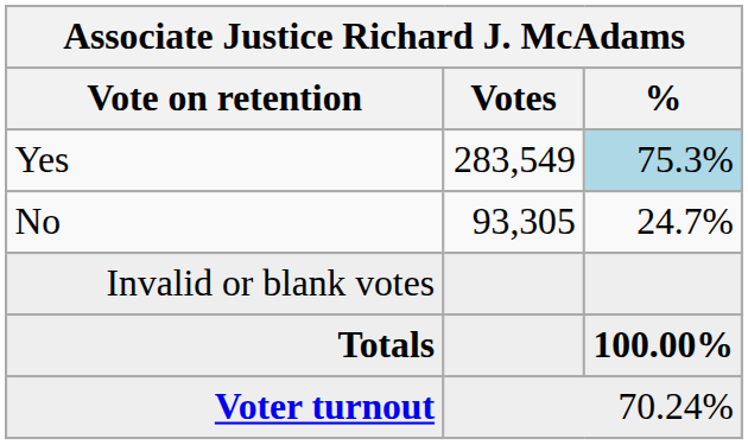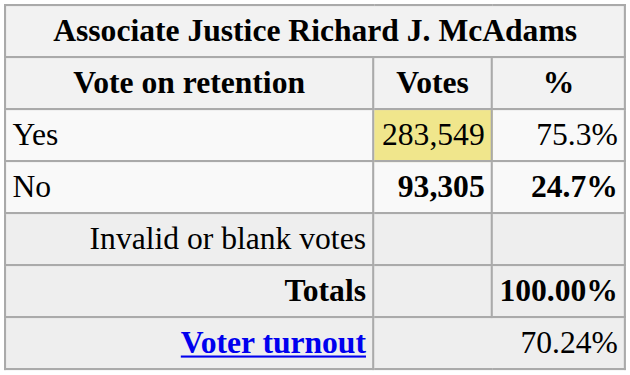 <table class="wikitable" style="font-size: 95%;">
 <tr style="background-color:#E9E9E9">
 <th colspan=7>Associate Justice Richard J. McAdams</th>
 </tr>
 <tr style="background-color:#E9E9E9">
 <th style="width: 170px">Vote on retention</th>
 <th style="width: 50px">Votes</th>
 <th style="width: 40px">%</th>
 </tr>
 <tr>
 <td>Yes</td>
-<td align="right">283,549</td>
-<td align="right" style="background: lightblue;">75.3%</td>
+<td align="right" style="background: khaki;">283,549</td>
+<td align="right">75.3%</td>
 </tr>
 <tr>
 <td>No</td>
-<td align="right">93,305</td>
-<td align="right">24.7%</td>
+<td align="right"><strong>93,305</strong></td>
+<td align="right"><strong>24.7%</strong></td>
 </tr>
 <tr bgcolor="#EEEEEE">
 <td align="right">Invalid or blank votes</td>
 <td align="right"></td>
 <td align="right"></td>
 </tr>
 <tr bgcolor="#EEEEEE">
 <td align="right"><strong>Totals</strong></td>
 <td align="right"><strong></strong></td>
 <td align="right"><strong>100.00%</strong></td>
 </tr>
 <tr bgcolor="#EEEEEE">
 <td align="right"><strong><a href='#'>Voter turnout</a></strong></td>
 <td colspan="2" align="right">70.24%</td>
 </tr>
 </table>
